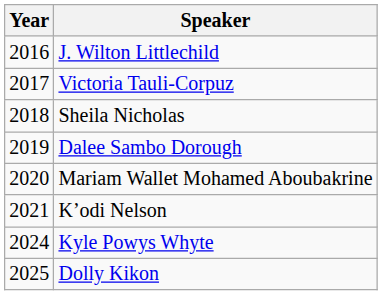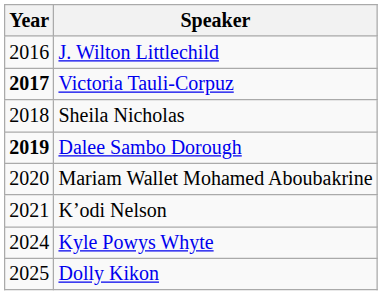 <table class="wikitable">
 <tr>
 <th>Year</th>
 <th>Speaker</th>
 </tr>
 <tr>
 <td>2016</td>
 <td><a href='#'>J. Wilton Littlechild</a></td>
 </tr>
 <tr>
-<td>2017</td>
+<td><strong>2017</strong></td>
 <td><a href='#'>Victoria Tauli-Corpuz</a></td>
 </tr>
 <tr>
 <td>2018</td>
 <td>Sheila Nicholas</td>
 </tr>
 <tr>
-<td>2019</td>
+<td><strong>2019</strong></td>
 <td><a href='#'>Dalee Sambo Dorough</a></td>
 </tr>
 <tr>
 <td>2020</td>
 <td>Mariam Wallet Mohamed Aboubakrine</td>
 </tr>
 <tr>
 <td>2021</td>
 <td>K’odi Nelson</td>
 </tr>
 <tr>
 <td>2024</td>
 <td><a href='#'>Kyle Powys Whyte</a></td>
 </tr>
 <tr>
 <td>2025</td>
 <td><a href='#'>Dolly Kikon</a></td>
 </tr>
 </table>
